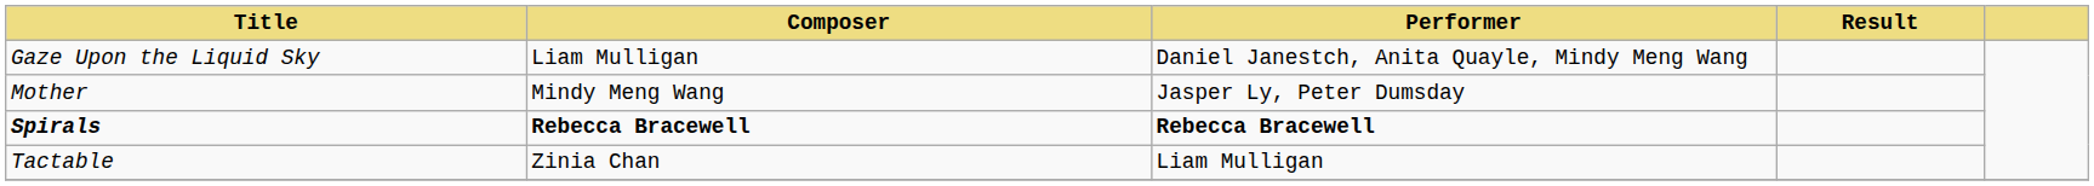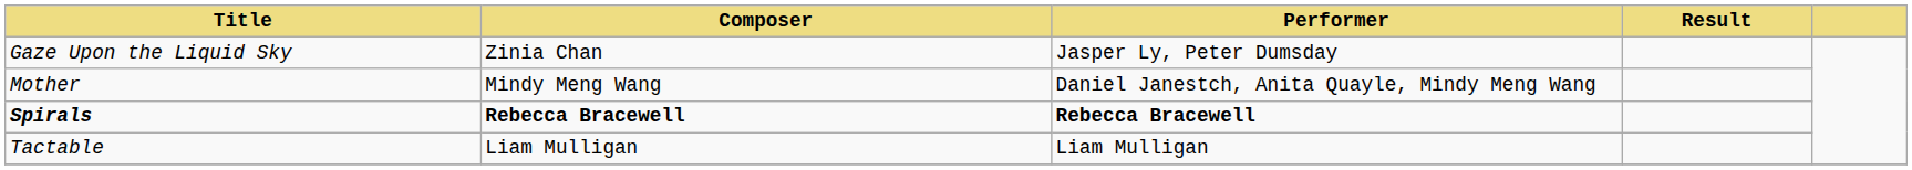 <table class="wikitable" width=100%>
 <tr>
 <th style="width:25%;background:#EEDD82;">Title</th>
 <th style="width:30%;background:#EEDD82;">Composer</th>
 <th style="width:30%;background:#EEDD82;">Performer</th>
 <th style="width:10%;background:#EEDD82;">Result</th>
 <th style="width:5%;background:#EEDD82;"></th>
 </tr>
 <tr>
 <td><em>Gaze Upon the Liquid Sky</em></td>
-<td>Liam Mulligan</td>
-<td>Daniel Janestch, Anita Quayle, Mindy Meng Wang</td>
+<td>Zinia Chan</td>
+<td>Jasper Ly, Peter Dumsday</td>
 <td></td>
 <td rowspan="4"></td>
 </tr>
 <tr>
 <td><em>Mother</em></td>
 <td>Mindy Meng Wang</td>
-<td>Jasper Ly, Peter Dumsday</td>
+<td>Daniel Janestch, Anita Quayle, Mindy Meng Wang</td>
 <td></td>
 </tr>
 <tr>
 <td><strong><em>Spirals</em></strong></td>
 <td><strong>Rebecca Bracewell</strong></td>
 <td><strong>Rebecca Bracewell</strong></td>
 <td></td>
 </tr>
 <tr>
 <td><em>Tactable</em></td>
-<td>Zinia Chan</td>
+<td>Liam Mulligan</td>
 <td>Liam Mulligan</td>
 <td></td>
 </tr>
 <tr>
 </tr>
 </table>
